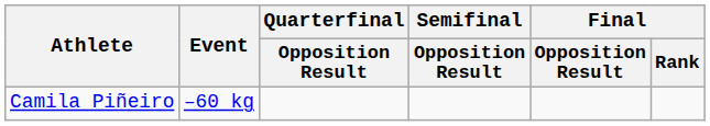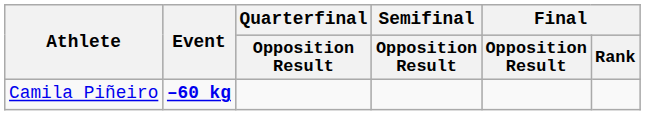 <table class=wikitable style=font-size:90%;text-align:center>
 <tr>
 <th rowspan=2>Athlete</th>
 <th rowspan=2>Event</th>
 <th>Quarterfinal</th>
 <th>Semifinal</th>
 <th colspan=2>Final</th>
 </tr>
 <tr style=font-size:95%>
 <th>Opposition<br>Result</th>
 <th>Opposition<br>Result</th>
 <th>Opposition<br>Result</th>
 <th>Rank</th>
 </tr>
 <tr>
 <td align=left><a href='#'>Camila Piñeiro</a></td>
-<td align=left><a href='#'>–60 kg</a></td>
+<td align=left><strong><a href='#'>–60 kg</a></strong></td>
 <td></td>
 <td></td>
 <td></td>
 <td></td>
 </tr>
 </table>
